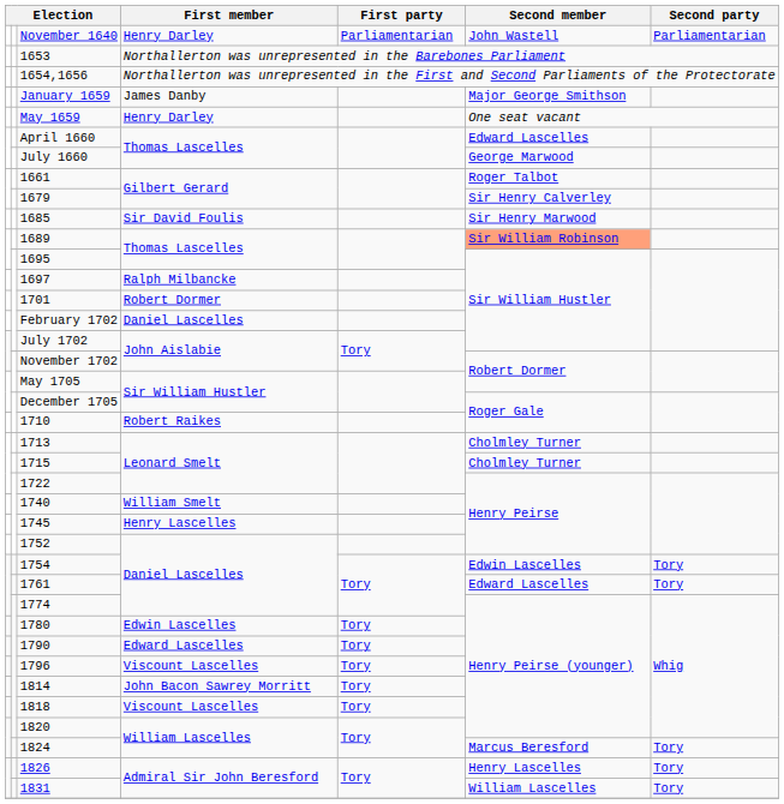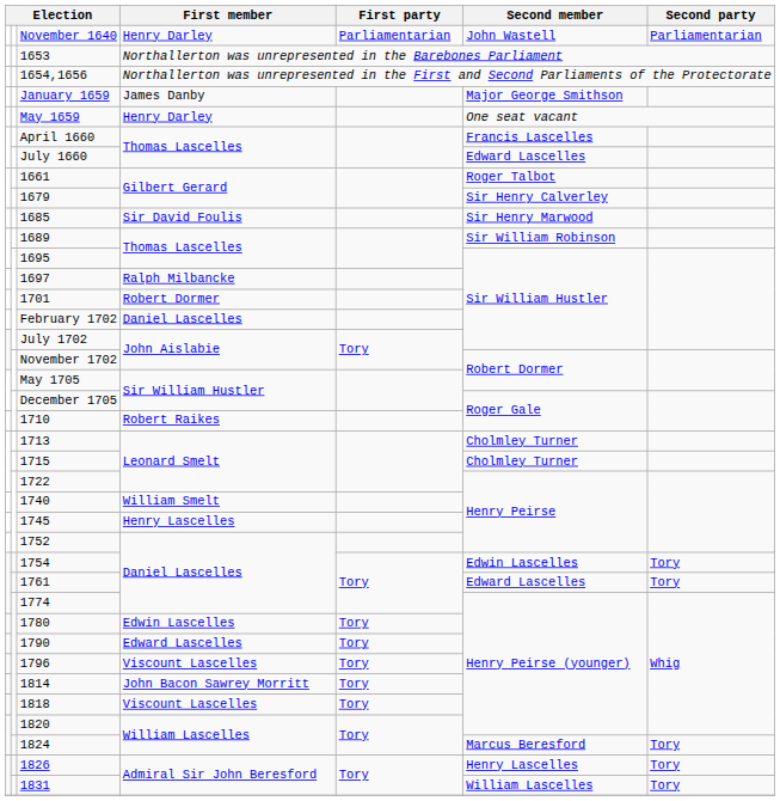 <table class="wikitable">
 <tr>
 <th colspan="3">Election</th>
 <th>First member</th>
 <th>First party</th>
 <th>Second member</th>
 <th>Second party</th>
 </tr>
 <tr>
 <td style="color:inherit;background-color: white"></td>
 <td style="color:inherit;background-color: white"></td>
 <td><a href='#'>November 1640</a></td>
 <td><a href='#'>Henry Darley</a></td>
 <td><a href='#'>Parliamentarian</a></td>
 <td><a href='#'>John Wastell</a></td>
 <td><a href='#'>Parliamentarian</a></td>
 </tr>
 <tr>
 <td style="color:inherit;background-color: white"></td>
 <td style="color:inherit;background-color: white"></td>
 <td>1653</td>
 <td colspan="4"><em>Northallerton was unrepresented in the <a href='#'>Barebones Parliament</a> </em></td>
 </tr>
 <tr>
 <td style="color:inherit;background-color: white"></td>
 <td style="color:inherit;background-color: white"></td>
 <td>1654,1656</td>
 <td colspan="4"><em>Northallerton was unrepresented in the <a href='#'>First</a> and <a href='#'>Second</a> Parliaments of the Protectorate</em></td>
 </tr>
 <tr>
 <td style="color:inherit;background-color: white"></td>
 <td style="color:inherit;background-color: white"></td>
 <td><a href='#'>January 1659</a></td>
 <td>James Danby</td>
 <td></td>
 <td><a href='#'>Major George Smithson</a></td>
 <td></td>
 </tr>
 <tr>
 <td style="color:inherit;background-color: white"></td>
 <td style="color:inherit;background-color: white"></td>
 <td><a href='#'>May 1659</a></td>
 <td><a href='#'>Henry Darley</a></td>
 <td></td>
 <td colspan="2"><em>One seat vacant</em></td>
 </tr>
 <tr>
 <td rowspan="2" style="color:inherit;background-color: white"></td>
 <td style="color:inherit;background-color: white"></td>
 <td>April 1660</td>
 <td rowspan="2"><a href='#'>Thomas Lascelles</a></td>
 <td rowspan="2"></td>
-<td><a href='#'>Edward Lascelles</a></td>
+<td><a href='#'>Francis Lascelles</a></td>
 <td></td>
 </tr>
 <tr>
 <td style="color:inherit;background-color: white"></td>
 <td>July 1660</td>
-<td><a href='#'>George Marwood</a></td>
+<td><a href='#'>Edward Lascelles</a></td>
 <td></td>
 </tr>
 <tr>
 <td rowspan="2" style="color:inherit;background-color: white"></td>
 <td style="color:inherit;background-color: white"></td>
 <td>1661</td>
 <td rowspan="2"><a href='#'>Gilbert Gerard</a></td>
 <td rowspan="2"></td>
 <td><a href='#'>Roger Talbot</a></td>
 <td></td>
 </tr>
 <tr>
 <td style="color:inherit;background-color: white"></td>
 <td>1679</td>
 <td><a href='#'>Sir Henry Calverley</a></td>
 <td></td>
 </tr>
 <tr>
 <td style="color:inherit;background-color: white"></td>
 <td style="color:inherit;background-color: white"></td>
 <td>1685</td>
 <td><a href='#'>Sir David Foulis</a></td>
 <td></td>
 <td><a href='#'>Sir Henry Marwood</a></td>
 <td></td>
 </tr>
 <tr>
 <td rowspan="2" style="color:inherit;background-color: white"></td>
 <td style="color:inherit;background-color: white"></td>
 <td>1689</td>
 <td rowspan="2"><a href='#'>Thomas Lascelles</a></td>
 <td rowspan="2"></td>
-<td style="background: lightsalmon;"><a href='#'>Sir William Robinson</a></td>
+<td><a href='#'>Sir William Robinson</a></td>
 <td></td>
 </tr>
 <tr>
 <td rowspan="5" style="color:inherit;background-color: white"></td>
 <td>1695</td>
 <td rowspan="5"><a href='#'>Sir William Hustler</a></td>
 <td rowspan="5"></td>
 </tr>
 <tr>
 <td style="color:inherit;background-color: white"></td>
 <td>1697</td>
 <td><a href='#'>Ralph Milbancke</a></td>
 <td></td>
 </tr>
 <tr>
 <td style="color:inherit;background-color: white"></td>
 <td>1701</td>
 <td><a href='#'>Robert Dormer</a></td>
 <td></td>
 </tr>
 <tr>
 <td style="color:inherit;background-color: white"></td>
 <td>February 1702</td>
 <td><a href='#'>Daniel Lascelles</a></td>
 <td></td>
 </tr>
 <tr>
 <td rowspan="2" style="color:inherit;background-color: "></td>
 <td>July 1702</td>
 <td rowspan="2"><a href='#'>John Aislabie</a></td>
 <td rowspan="2"><a href='#'>Tory</a></td>
 </tr>
 <tr>
 <td rowspan="2" style="color:inherit;background-color: white"></td>
 <td>November 1702</td>
 <td rowspan="2"><a href='#'>Robert Dormer</a></td>
 <td rowspan="2"></td>
 </tr>
 <tr>
 <td rowspan="2" style="color:inherit;background-color: white"></td>
 <td>May 1705</td>
 <td rowspan="2"><a href='#'>Sir William Hustler</a></td>
 <td rowspan="2"></td>
 </tr>
 <tr>
 <td rowspan="2" style="color:inherit;background-color: white"></td>
 <td>December 1705</td>
 <td rowspan="2"><a href='#'>Roger Gale</a></td>
 <td rowspan="2"></td>
 </tr>
 <tr>
 <td style="color:inherit;background-color: white"></td>
 <td>1710</td>
 <td><a href='#'>Robert Raikes</a></td>
 <td></td>
 </tr>
 <tr>
 <td rowspan="3" style="color:inherit;background-color: white"></td>
 <td style="color:inherit;background-color: white"></td>
 <td>1713</td>
 <td rowspan="3"><a href='#'>Leonard Smelt</a></td>
 <td rowspan="3"></td>
 <td><a href='#'>Cholmley Turner</a></td>
 <td></td>
 </tr>
 <tr>
 <td style="color:inherit;background-color: white"></td>
 <td>1715</td>
 <td><a href='#'>Cholmley Turner</a></td>
 <td></td>
 </tr>
 <tr>
 <td rowspan="4" style="color:inherit;background-color: white"></td>
 <td>1722</td>
 <td rowspan="4"><a href='#'>Henry Peirse</a></td>
 <td rowspan="4"></td>
 </tr>
 <tr>
 <td style="color:inherit;background-color: white"></td>
 <td>1740</td>
 <td><a href='#'>William Smelt</a></td>
 <td></td>
 </tr>
 <tr>
 <td style="color:inherit;background-color: white"></td>
 <td>1745</td>
 <td><a href='#'>Henry Lascelles</a></td>
 <td></td>
 </tr>
 <tr>
 <td style="color:inherit;background-color: white"></td>
 <td>1752</td>
 <td rowspan="4"><a href='#'>Daniel Lascelles</a></td>
 <td></td>
 </tr>
 <tr>
 <td rowspan="3" style="color:inherit;background-color: "></td>
 <td style="color:inherit;background-color: "></td>
 <td>1754</td>
 <td rowspan="3"><a href='#'>Tory</a></td>
 <td><a href='#'>Edwin Lascelles</a></td>
 <td><a href='#'>Tory</a></td>
 </tr>
 <tr>
 <td style="color:inherit;background-color: "></td>
 <td>1761</td>
 <td><a href='#'>Edward Lascelles</a></td>
 <td><a href='#'>Tory</a></td>
 </tr>
 <tr>
 <td rowspan="7" style="color:inherit;background-color: "></td>
 <td>1774</td>
 <td rowspan="7"><a href='#'>Henry Peirse (younger)</a></td>
 <td rowspan="7"><a href='#'>Whig</a></td>
 </tr>
 <tr>
 <td style="color:inherit;background-color: "></td>
 <td>1780</td>
 <td><a href='#'>Edwin Lascelles</a></td>
 <td><a href='#'>Tory</a></td>
 </tr>
 <tr>
 <td style="color:inherit;background-color: "></td>
 <td>1790</td>
 <td><a href='#'>Edward Lascelles</a></td>
 <td><a href='#'>Tory</a></td>
 </tr>
 <tr>
 <td style="color:inherit;background-color: "></td>
 <td>1796</td>
 <td><a href='#'>Viscount Lascelles</a></td>
 <td><a href='#'>Tory</a></td>
 </tr>
 <tr>
 <td style="color:inherit;background-color: "></td>
 <td>1814</td>
 <td><a href='#'>John Bacon Sawrey Morritt</a></td>
 <td><a href='#'>Tory</a></td>
 </tr>
 <tr>
 <td style="color:inherit;background-color: "></td>
 <td>1818</td>
 <td><a href='#'>Viscount Lascelles</a></td>
 <td><a href='#'>Tory</a></td>
 </tr>
 <tr>
 <td rowspan="2" style="color:inherit;background-color: "></td>
 <td>1820</td>
 <td rowspan="2"><a href='#'>William Lascelles</a></td>
 <td rowspan="2"><a href='#'>Tory</a></td>
 </tr>
 <tr>
 <td style="color:inherit;background-color: "></td>
 <td>1824</td>
 <td><a href='#'>Marcus Beresford</a></td>
 <td><a href='#'>Tory</a></td>
 </tr>
 <tr>
 <td rowspan="2" style="color:inherit;background-color: "></td>
 <td style="color:inherit;background-color: "></td>
 <td><a href='#'>1826</a></td>
 <td rowspan="2"><a href='#'>Admiral Sir John Beresford</a></td>
 <td rowspan="2"><a href='#'>Tory</a></td>
 <td><a href='#'>Henry Lascelles</a></td>
 <td><a href='#'>Tory</a></td>
 </tr>
 <tr>
 <td style="color:inherit;background-color: "></td>
 <td><a href='#'>1831</a></td>
 <td><a href='#'>William Lascelles</a></td>
 <td><a href='#'>Tory</a></td>
 </tr>
 <tr>
 </tr>
 </table>
